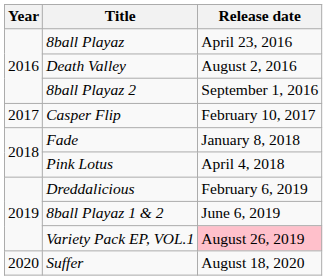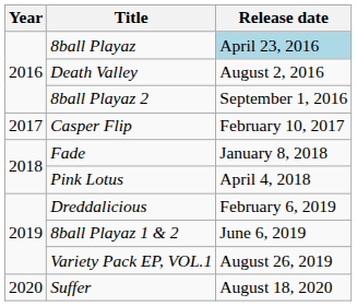 <table class="wikitable">
 <tr>
 <th>Year</th>
 <th>Title</th>
 <th>Release date</th>
 </tr>
 <tr>
 <td rowspan="3">2016</td>
 <td><em>8ball Playaz</em></td>
-<td>April 23, 2016</td>
+<td style="background: lightblue;">April 23, 2016</td>
 </tr>
 <tr>
 <td><em>Death Valley</em></td>
 <td>August 2, 2016</td>
 </tr>
 <tr>
 <td><em>8ball Playaz 2</em></td>
 <td>September 1, 2016</td>
 </tr>
 <tr>
 <td rowspan="1">2017</td>
 <td><em>Casper Flip</em></td>
 <td>February 10, 2017</td>
 </tr>
 <tr>
 <td rowspan="2">2018</td>
 <td><em>Fade</em></td>
 <td>January 8, 2018</td>
 </tr>
 <tr>
 <td><em>Pink Lotus</em></td>
 <td>April 4, 2018</td>
 </tr>
 <tr>
 <td rowspan="3">2019</td>
 <td><em>Dreddalicious</em></td>
 <td>February 6, 2019</td>
 </tr>
 <tr>
 <td><em>8ball Playaz 1 & 2</em></td>
 <td>June 6, 2019</td>
 </tr>
 <tr>
 <td><em>Variety Pack EP, VOL.1</em></td>
-<td style="background: pink;">August 26, 2019</td>
+<td>August 26, 2019</td>
 </tr>
 <tr>
 <td rowspan="1">2020</td>
 <td><em>Suffer</em></td>
 <td>August 18, 2020</td>
 </tr>
 </table>
